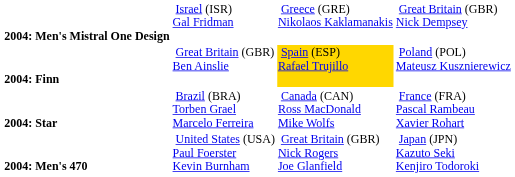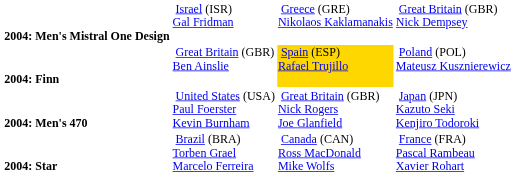 <table>
 <tr>
 <td style="align:center;"><br><br><strong>2004: Men's Mistral One Design</strong> <br></td>
 <td style="vertical-align:top;"> <a href='#'>Israel</a> <span>(ISR)</span><br><a href='#'>Gal Fridman</a></td>
 <td style="vertical-align:top;"> <a href='#'>Greece</a> <span>(GRE)</span><br><a href='#'>Nikolaos Kaklamanakis</a></td>
 <td style="vertical-align:top;"> <a href='#'>Great Britain</a> <span>(GBR)</span><br><a href='#'>Nick Dempsey</a></td>
 </tr>
 <tr>
 <td style="align:center;"><br><br><strong>2004: Finn</strong> <br></td>
 <td style="vertical-align:top;"> <a href='#'>Great Britain</a> <span>(GBR)</span><br><a href='#'>Ben Ainslie</a></td>
 <td style="background: gold; vertical-align:top;"> <a href='#'>Spain</a> <span>(ESP)</span><br><a href='#'>Rafael Trujillo</a></td>
 <td style="vertical-align:top;"> <a href='#'>Poland</a> <span>(POL)</span><br><a href='#'>Mateusz Kusznierewicz</a></td>
 </tr>
 <tr>
+<td style="align:center;"><br><br><strong>2004: Men's 470</strong> <br></td>
+<td style="vertical-align:top;"> <a href='#'>United States</a> <span>(USA)</span><br><a href='#'>Paul Foerster</a><br><a href='#'>Kevin Burnham</a></td>
+<td style="vertical-align:top;"> <a href='#'>Great Britain</a> <span>(GBR)</span><br><a href='#'>Nick Rogers</a><br><a href='#'>Joe Glanfield</a></td>
+<td style="vertical-align:top;"> <a href='#'>Japan</a> <span>(JPN)</span><br><a href='#'>Kazuto Seki</a><br><a href='#'>Kenjiro Todoroki</a></td>
+</tr>
+<tr>
 <td style="align:center;"><br><br><strong>2004: Star</strong> <br></td>
 <td style="vertical-align:top;"> <a href='#'>Brazil</a> <span>(BRA)</span><br><a href='#'>Torben Grael</a><br><a href='#'>Marcelo Ferreira</a></td>
 <td style="vertical-align:top;"> <a href='#'>Canada</a> <span>(CAN)</span><br><a href='#'>Ross MacDonald</a><br><a href='#'>Mike Wolfs</a></td>
 <td style="vertical-align:top;"> <a href='#'>France</a> <span>(FRA)</span><br><a href='#'>Pascal Rambeau</a><br><a href='#'>Xavier Rohart</a></td>
 </tr>
-<tr>
-<td style="align:center;"><br><br><strong>2004: Men's 470</strong> <br></td>
-<td style="vertical-align:top;"> <a href='#'>United States</a> <span>(USA)</span><br><a href='#'>Paul Foerster</a><br><a href='#'>Kevin Burnham</a></td>
-<td style="vertical-align:top;"> <a href='#'>Great Britain</a> <span>(GBR)</span><br><a href='#'>Nick Rogers</a><br><a href='#'>Joe Glanfield</a></td>
-<td style="vertical-align:top;"> <a href='#'>Japan</a> <span>(JPN)</span><br><a href='#'>Kazuto Seki</a><br><a href='#'>Kenjiro Todoroki</a></td>
-</tr>
 </table>
